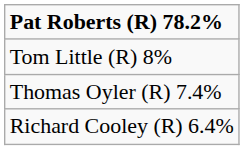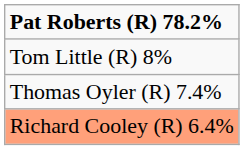 <table class="wikitable">
 <tr>
 <td><strong>Pat Roberts (R) 78.2%</strong></td>
 </tr>
 <tr>
 <td>Tom Little (R) 8%</td>
 </tr>
 <tr>
 <td>Thomas Oyler (R) 7.4%</td>
 </tr>
 <tr>
-<td>Richard Cooley (R) 6.4%</td>
+<td style="background: lightsalmon;">Richard Cooley (R) 6.4%</td>
 </tr>
 </table>
